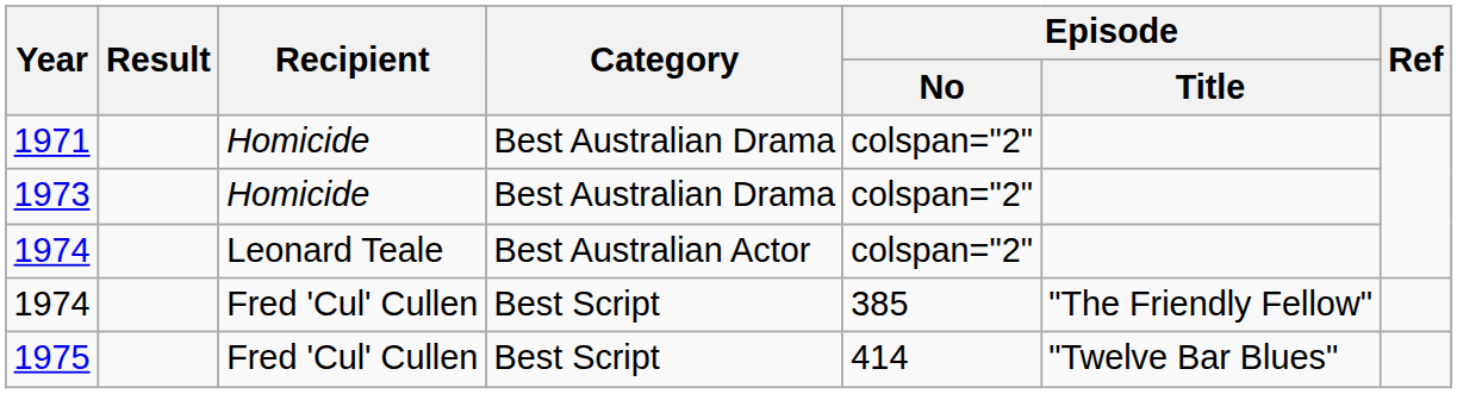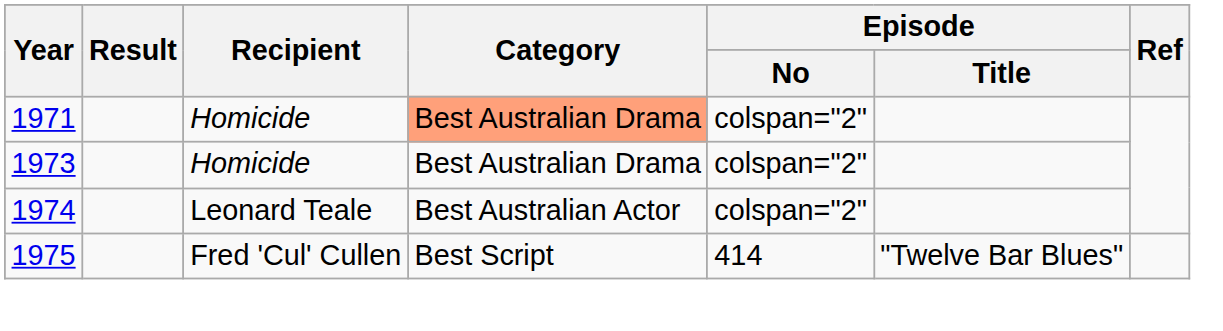 <table class="wikitable">
 <tr>
 <th rowspan="2">Year</th>
 <th rowspan="2">Result</th>
 <th rowspan="2">Recipient</th>
 <th rowspan="2">Category</th>
 <th colspan="2">Episode</th>
 <th rowspan="2">Ref</th>
 </tr>
 <tr>
 <th>No</th>
 <th>Title</th>
 </tr>
 <tr>
 <td><a href='#'>1971</a></td>
 <td></td>
 <td><em>Homicide</em></td>
-<td>Best Australian Drama</td>
+<td style="background: lightsalmon;">Best Australian Drama</td>
 <td>colspan="2" </td>
 <td></td>
 </tr>
 <tr>
 <td><a href='#'>1973</a></td>
 <td></td>
 <td><em>Homicide</em></td>
 <td>Best Australian Drama</td>
 <td>colspan="2" </td>
 <td></td>
 </tr>
 <tr>
 <td><a href='#'>1974</a></td>
 <td></td>
 <td>Leonard Teale</td>
 <td>Best Australian Actor</td>
 <td>colspan="2" </td>
 <td></td>
 </tr>
 <tr>
-<td>1974</td>
-<td></td>
-<td>Fred 'Cul' Cullen</td>
-<td>Best Script</td>
-<td>385</td>
-<td>"The Friendly Fellow"</td>
-<td></td>
-</tr>
-<tr>
 <td><a href='#'>1975</a></td>
 <td></td>
 <td>Fred 'Cul' Cullen</td>
 <td>Best Script</td>
 <td>414</td>
 <td>"Twelve Bar Blues"</td>
 <td></td>
 </tr>
 </table>
